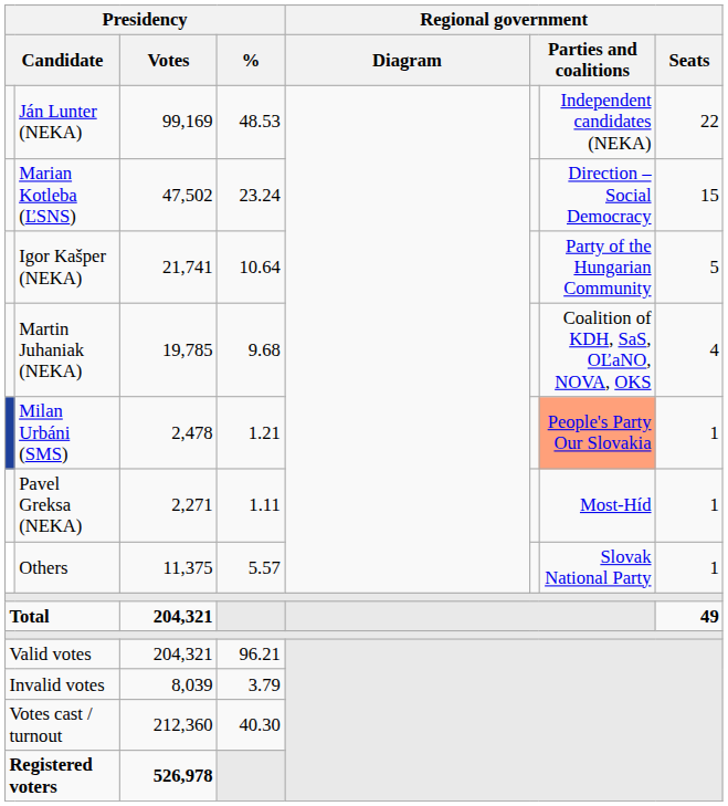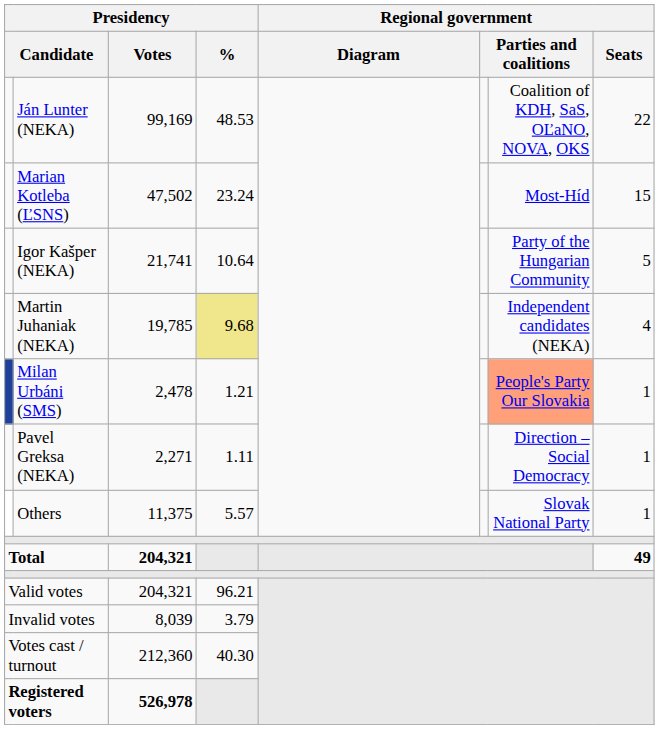 <table class="wikitable" style="text-align:right; font-size:97%;">
 <tr>
 <th colspan="4" width="500">Presidency</th>
 <th colspan="4" width="500">Regional government</th>
 </tr>
 <tr>
 <th colspan="2" width="325">Candidate</th>
 <th width="75">Votes</th>
 <th width="50">%</th>
 <th width="200">Diagram</th>
 <th colspan="2" width="250">Parties and coalitions</th>
 <th width="50">Seats</th>
 </tr>
 <tr>
 <td width="1" style="color:inherit;background:"></td>
 <td align="left"><a href='#'>Ján Lunter</a> (NEKA)</td>
 <td>99,169</td>
 <td>48.53</td>
 <td rowspan="7"></td>
 <td width="1" style="color:inherit;background:"></td>
-<td><a href='#'>Independent candidates</a> (NEKA)</td>
+<td>Coalition of <a href='#'>KDH</a>, <a href='#'>SaS</a>, <a href='#'>OĽaNO</a>, <a href='#'>NOVA</a>, <a href='#'>OKS</a></td>
 <td>22</td>
 </tr>
 <tr>
 <td width="1" style="color:inherit;background:"></td>
 <td align="left"><a href='#'>Marian Kotleba</a> (<a href='#'>ĽSNS</a>)</td>
 <td>47,502</td>
 <td>23.24</td>
 <td width="1" style="color:inherit;background:"></td>
-<td><a href='#'>Direction – Social Democracy</a></td>
+<td><a href='#'>Most-Híd</a></td>
 <td>15</td>
 </tr>
 <tr>
 <td width="1" style="color:inherit;background:"></td>
 <td align="left">Igor Kašper (NEKA)</td>
 <td>21,741</td>
 <td>10.64</td>
 <td width="1" style="color:inherit;background:"></td>
 <td><a href='#'>Party of the Hungarian Community</a></td>
 <td>5</td>
 </tr>
 <tr>
 <td width="1" style="color:inherit;background:"></td>
 <td align="left">Martin Juhaniak (NEKA)</td>
 <td>19,785</td>
-<td>9.68</td>
+<td style="background: khaki;">9.68</td>
 <td width="1" style="color:inherit;background:"></td>
-<td>Coalition of <a href='#'>KDH</a>, <a href='#'>SaS</a>, <a href='#'>OĽaNO</a>, <a href='#'>NOVA</a>, <a href='#'>OKS</a></td>
+<td><a href='#'>Independent candidates</a> (NEKA)</td>
 <td>4</td>
 </tr>
 <tr>
 <td width="1" style="color:inherit;background:#1e409a"></td>
 <td align="left"><a href='#'>Milan Urbáni</a> (<a href='#'>SMS</a>)</td>
 <td>2,478</td>
 <td>1.21</td>
 <td width="1" style="color:inherit;background:"></td>
 <td style="background: lightsalmon;"><a href='#'>People's Party Our Slovakia</a></td>
 <td>1</td>
 </tr>
 <tr>
 <td width="1" style="color:inherit;background:"></td>
 <td align="left">Pavel Greksa (NEKA)</td>
 <td>2,271</td>
 <td>1.11</td>
 <td width="1" style="color:inherit;background:"></td>
-<td><a href='#'>Most-Híd</a></td>
+<td><a href='#'>Direction – Social Democracy</a></td>
 <td>1</td>
 </tr>
 <tr>
 <td width="1" bgcolor="white"></td>
 <td align="left">Others</td>
 <td>11,375</td>
 <td>5.57</td>
 <td width="1" style="color:inherit;background:"></td>
 <td><a href='#'>Slovak National Party</a></td>
 <td>1</td>
 </tr>
 <tr>
 <td colspan="8" bgcolor="#E9E9E9"></td>
 </tr>
 <tr>
 <td align="left" colspan="2"><strong>Total</strong></td>
 <td><strong>204,321</strong></td>
 <td style="color:inherit;background:#E9E9E9"></td>
 <td colspan="3" bgcolor="#E9E9E9"></td>
 <td><strong>49</strong></td>
 </tr>
 <tr>
 <td colspan="8" bgcolor="#E9E9E9"></td>
 </tr>
 <tr>
 <td align="left" colspan="2">Valid votes</td>
 <td>204,321</td>
 <td>96.21</td>
 <td bgcolor="#E9E9E9" rowspan="4" colspan="4"></td>
 </tr>
 <tr>
 <td align="left" colspan="2">Invalid votes</td>
 <td>8,039</td>
 <td>3.79</td>
 </tr>
 <tr>
 <td align="left" colspan="2">Votes cast / turnout</td>
 <td>212,360</td>
 <td>40.30</td>
 </tr>
 <tr style="font-weight:bold;">
 <td align="left" colspan="2">Registered voters</td>
 <td>526,978</td>
 <td bgcolor="#E9E9E9"></td>
 </tr>
 </table>
